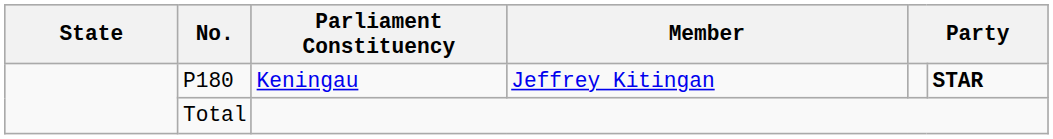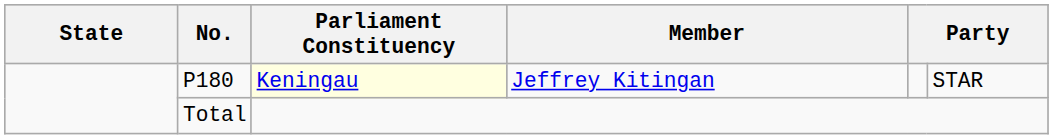 <table class ="wikitable sortable">
 <tr>
 <th style="width:100px;">State</th>
 <th style="width:30px;">No.</th>
 <th style="width:150px;">Parliament Constituency</th>
 <th style="width:240px;">Member</th>
 <th style="width:80px;" colspan=2>Party</th>
 </tr>
 <tr>
 <td rowspan=8></td>
 <td>P180</td>
-<td><a href='#'>Keningau</a></td>
+<td style="background: lightyellow;"><a href='#'>Keningau</a></td>
 <td><a href='#'>Jeffrey Kitingan</a></td>
 <td></td>
-<td><strong>STAR</strong></td>
+<td>STAR</td>
 </tr>
 <tr>
 <td>Total</td>
 <td style="width:30px;" colspan=6></td>
 </tr>
 </table>
